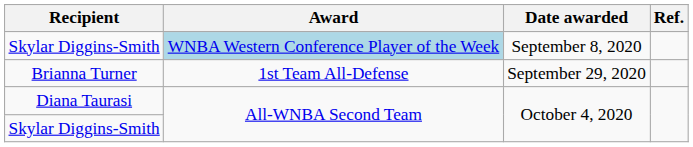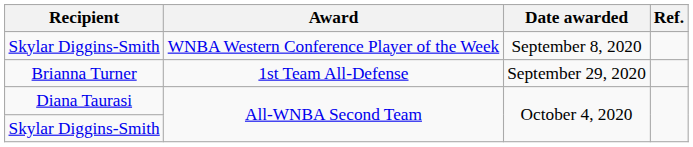 <table class="wikitable sortable sortable" style="text-align: center">
 <tr>
 <th>Recipient</th>
 <th>Award</th>
 <th>Date awarded</th>
 <th>Ref.</th>
 </tr>
 <tr>
 <td><a href='#'>Skylar Diggins-Smith</a></td>
-<td style="background: lightblue;"><a href='#'>WNBA Western Conference Player of the Week</a></td>
+<td><a href='#'>WNBA Western Conference Player of the Week</a></td>
 <td>September 8, 2020</td>
 <td></td>
 </tr>
 <tr>
 <td><a href='#'>Brianna Turner</a></td>
 <td><a href='#'>1st Team All-Defense</a></td>
 <td>September 29, 2020</td>
 <td></td>
 </tr>
 <tr>
 <td><a href='#'>Diana Taurasi</a></td>
 <td rowspan=2><a href='#'>All-WNBA Second Team</a></td>
 <td rowspan=2>October 4, 2020</td>
 <td rowspan=2></td>
 </tr>
 <tr>
 <td><a href='#'>Skylar Diggins-Smith</a></td>
 </tr>
 </table>
